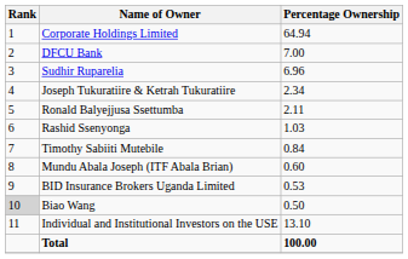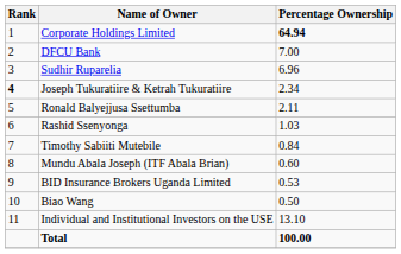 <table class="wikitable sortable" style="margin-left:auto;margin-right:auto">
 <tr>
 <th style="width:2em;">Rank</th>
 <th>Name of Owner</th>
 <th>Percentage Ownership</th>
 </tr>
 <tr>
 <td>1</td>
 <td><a href='#'>Corporate Holdings Limited</a></td>
-<td>64.94</td>
+<td><strong>64.94</strong></td>
 </tr>
 <tr>
 <td>2</td>
 <td><a href='#'>DFCU Bank</a></td>
 <td>7.00</td>
 </tr>
 <tr>
 <td>3</td>
 <td><a href='#'>Sudhir Ruparelia</a></td>
 <td>6.96</td>
 </tr>
 <tr>
-<td>4</td>
+<td><strong>4</strong></td>
 <td>Joseph Tukuratiire & Ketrah Tukuratiire</td>
 <td>2.34</td>
 </tr>
 <tr>
 <td>5</td>
 <td>Ronald Balyejjusa Ssettumba</td>
 <td>2.11</td>
 </tr>
 <tr>
 <td>6</td>
 <td>Rashid Ssenyonga</td>
 <td>1.03</td>
 </tr>
 <tr>
 <td>7</td>
 <td>Timothy Sabiiti Mutebile</td>
 <td>0.84</td>
 </tr>
 <tr>
 <td>8</td>
 <td>Mundu Abala Joseph (ITF Abala Brian)</td>
 <td>0.60</td>
 </tr>
 <tr>
 <td>9</td>
 <td>BID Insurance Brokers Uganda Limited</td>
 <td>0.53</td>
 </tr>
 <tr>
-<td style="background: lightgrey;">10</td>
+<td>10</td>
 <td>Biao Wang</td>
 <td>0.50</td>
 </tr>
 <tr>
 <td>11</td>
 <td>Individual and Institutional Investors on the USE</td>
 <td>13.10</td>
 </tr>
 <tr>
 <td></td>
 <td><strong>Total</strong></td>
 <td><strong>100.00</strong></td>
 </tr>
 <tr>
 </tr>
 </table>
